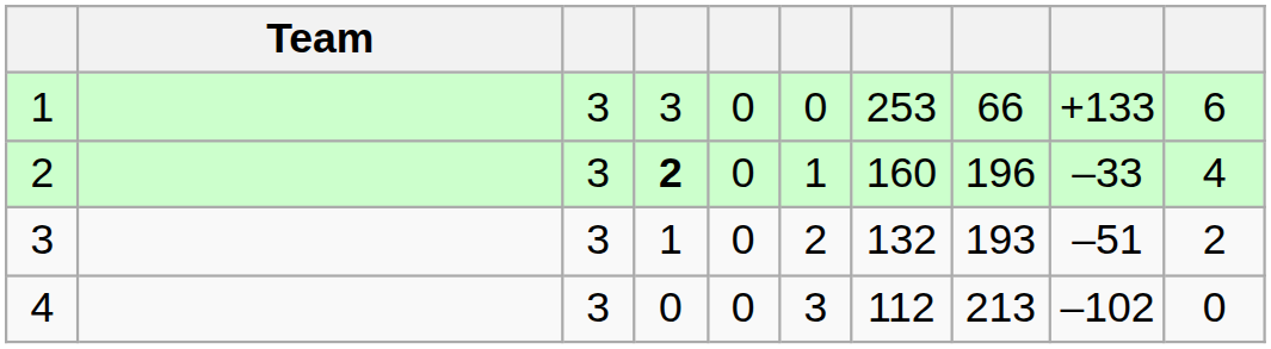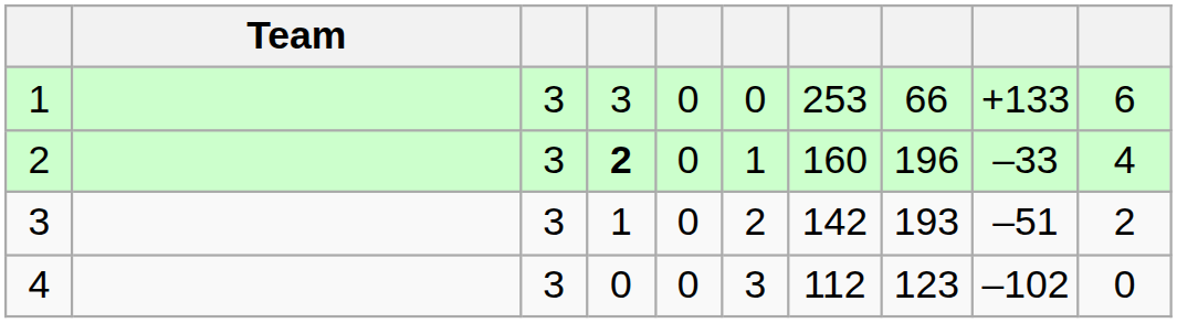 <table class=wikitable style=text-align:center>
 <tr>
 <th width=20 abbr=Position></th>
 <th width=175>Team</th>
 <th width=20 abbr=Played></th>
 <th width=20 abbr=Won></th>
 <th width=20 abbr=Drawn></th>
 <th width=20 abbr=Lost></th>
 <th width=30 abbr=Goal for></th>
 <th width=30 abbr=Goal against></th>
 <th width=30 abbr=Goal difference></th>
 <th width=30 abbr=Points></th>
 </tr>
 <tr bgcolor=#CCFFCC>
 <td>1</td>
 <td align=left></td>
 <td>3</td>
 <td>3</td>
 <td>0</td>
 <td>0</td>
 <td>253</td>
 <td>66</td>
 <td>+133</td>
 <td>6</td>
 </tr>
 <tr bgcolor=#CCFFCC>
 <td>2</td>
 <td align=left></td>
 <td>3</td>
 <td><strong>2</strong></td>
 <td>0</td>
 <td>1</td>
 <td>160</td>
 <td>196</td>
 <td>–33</td>
 <td>4</td>
 </tr>
 <tr>
 <td>3</td>
 <td align=left></td>
 <td>3</td>
 <td>1</td>
 <td>0</td>
 <td>2</td>
-<td>132</td>
+<td>142</td>
 <td>193</td>
 <td>–51</td>
 <td>2</td>
 </tr>
 <tr>
 <td>4</td>
 <td align=left></td>
 <td>3</td>
 <td>0</td>
 <td>0</td>
 <td>3</td>
 <td>112</td>
-<td>213</td>
+<td>123</td>
 <td>–102</td>
 <td>0</td>
 </tr>
 </table>
